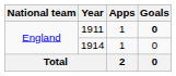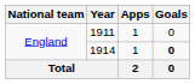 <table class=wikitable style="text-align: center">
 <tr>
 <th>National team</th>
 <th>Year</th>
 <th>Apps</th>
 <th>Goals</th>
 </tr>
 <tr>
 <td rowspan=2><a href='#'>England</a></td>
 <td>1911</td>
 <td>1</td>
-<td><strong>0</strong></td>
+<td>0</td>
 </tr>
 <tr>
 <td>1914</td>
 <td>1</td>
-<td>0</td>
+<td><strong>0</strong></td>
 </tr>
 <tr>
 <th colspan=2>Total</th>
 <th>2</th>
 <th>0</th>
 </tr>
 </table>
